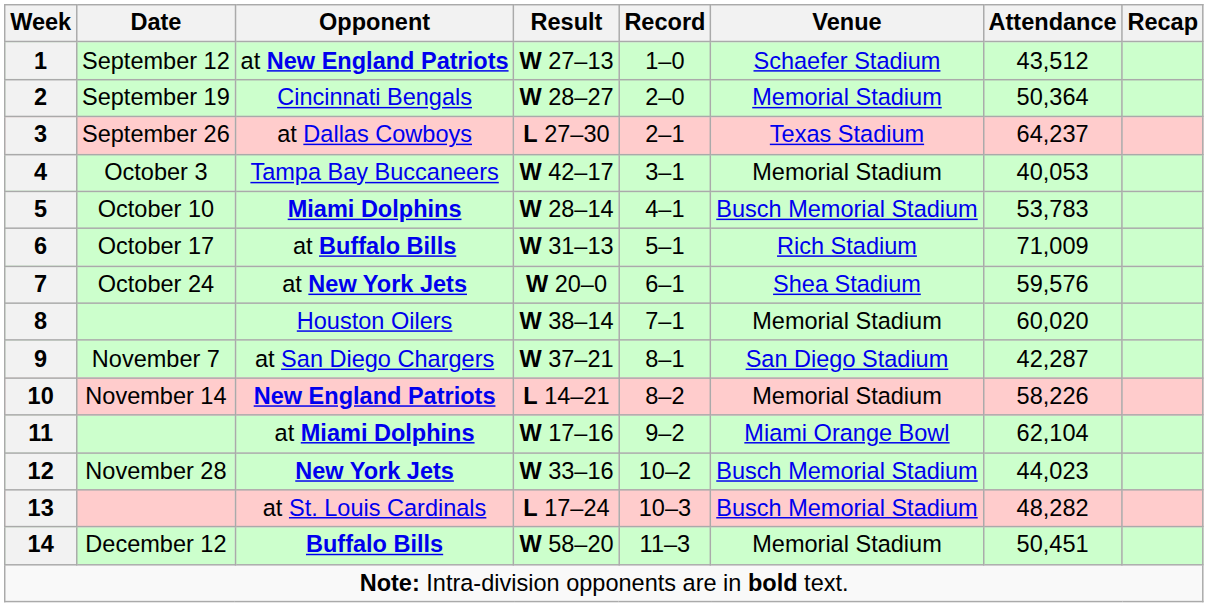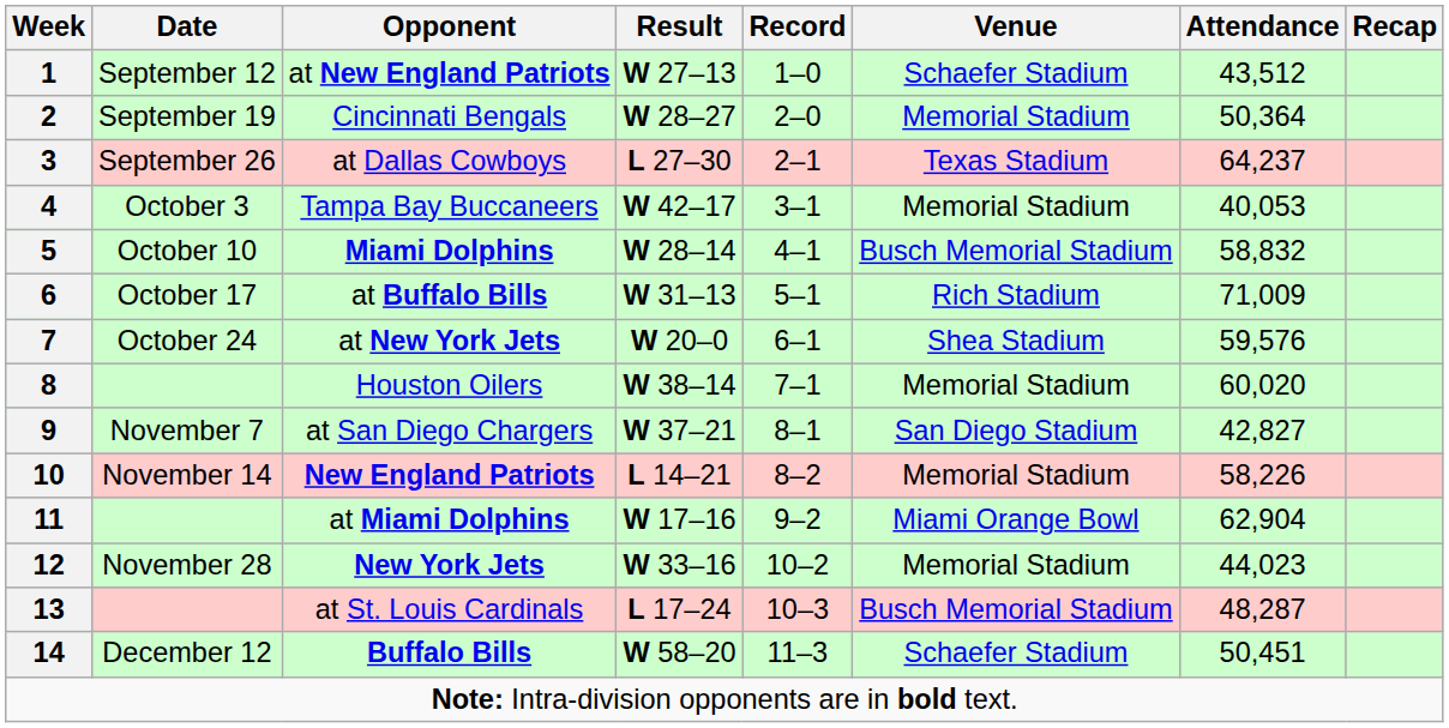 <table class="wikitable" style="text-align:center">
 <tr>
 <th>Week</th>
 <th>Date</th>
 <th>Opponent</th>
 <th>Result</th>
 <th>Record</th>
 <th>Venue</th>
 <th>Attendance</th>
 <th>Recap</th>
 </tr>
 <tr style="background:#cfc">
 <th>1</th>
 <td>September 12</td>
 <td>at <strong><a href='#'>New England Patriots</a></strong></td>
 <td><strong>W</strong> 27–13</td>
 <td>1–0</td>
 <td><a href='#'>Schaefer Stadium</a></td>
 <td>43,512</td>
 <td></td>
 </tr>
 <tr style="background:#cfc">
 <th>2</th>
 <td>September 19</td>
 <td><a href='#'>Cincinnati Bengals</a></td>
 <td><strong>W</strong> 28–27</td>
 <td>2–0</td>
 <td><a href='#'>Memorial Stadium</a></td>
 <td>50,364</td>
 <td></td>
 </tr>
 <tr style="background:#fcc">
 <th>3</th>
 <td>September 26</td>
 <td>at <a href='#'>Dallas Cowboys</a></td>
 <td><strong>L</strong> 27–30</td>
 <td>2–1</td>
 <td><a href='#'>Texas Stadium</a></td>
 <td>64,237</td>
 <td></td>
 </tr>
 <tr style="background:#cfc">
 <th>4</th>
 <td>October 3</td>
 <td><a href='#'>Tampa Bay Buccaneers</a></td>
 <td><strong>W</strong> 42–17</td>
 <td>3–1</td>
 <td>Memorial Stadium</td>
 <td>40,053</td>
 <td></td>
 </tr>
 <tr style="background:#cfc">
 <th>5</th>
 <td>October 10</td>
 <td><strong><a href='#'>Miami Dolphins</a></strong></td>
 <td><strong>W</strong> 28–14</td>
 <td>4–1</td>
 <td><a href='#'>Busch Memorial Stadium</a></td>
-<td>53,783</td>
+<td>58,832</td>
 <td></td>
 </tr>
 <tr style="background:#cfc">
 <th>6</th>
 <td>October 17</td>
 <td>at <strong><a href='#'>Buffalo Bills</a></strong></td>
 <td><strong>W</strong> 31–13</td>
 <td>5–1</td>
 <td><a href='#'>Rich Stadium</a></td>
 <td>71,009</td>
 <td></td>
 </tr>
 <tr style="background:#cfc">
 <th>7</th>
 <td>October 24</td>
 <td>at <strong><a href='#'>New York Jets</a></strong></td>
 <td><strong>W</strong> 20–0</td>
 <td>6–1</td>
 <td><a href='#'>Shea Stadium</a></td>
 <td>59,576</td>
 <td></td>
 </tr>
 <tr style="background:#cfc">
 <th>8</th>
 <td></td>
 <td><a href='#'>Houston Oilers</a></td>
 <td><strong>W</strong> 38–14</td>
 <td>7–1</td>
 <td>Memorial Stadium</td>
 <td>60,020</td>
 <td></td>
 </tr>
 <tr style="background:#cfc">
 <th>9</th>
 <td>November 7</td>
 <td>at <a href='#'>San Diego Chargers</a></td>
 <td><strong>W</strong> 37–21</td>
 <td>8–1</td>
 <td><a href='#'>San Diego Stadium</a></td>
-<td>42,287</td>
+<td>42,827</td>
 <td></td>
 </tr>
 <tr style="background:#fcc">
 <th>10</th>
 <td>November 14</td>
 <td><strong><a href='#'>New England Patriots</a></strong></td>
 <td><strong>L</strong> 14–21</td>
 <td>8–2</td>
 <td>Memorial Stadium</td>
 <td>58,226</td>
 <td></td>
 </tr>
 <tr style="background:#cfc">
 <th>11</th>
 <td></td>
 <td>at <strong><a href='#'>Miami Dolphins</a></strong></td>
 <td><strong>W</strong> 17–16</td>
 <td>9–2</td>
 <td><a href='#'>Miami Orange Bowl</a></td>
-<td>62,104</td>
+<td>62,904</td>
 <td></td>
 </tr>
 <tr style="background:#cfc">
 <th>12</th>
 <td>November 28</td>
 <td><strong><a href='#'>New York Jets</a></strong></td>
 <td><strong>W</strong> 33–16</td>
 <td>10–2</td>
-<td><a href='#'>Busch Memorial Stadium</a></td>
+<td>Memorial Stadium</td>
 <td>44,023</td>
 <td></td>
 </tr>
 <tr style="background:#fcc">
 <th>13</th>
 <td></td>
 <td>at <a href='#'>St. Louis Cardinals</a></td>
 <td><strong>L</strong> 17–24</td>
 <td>10–3</td>
 <td><a href='#'>Busch Memorial Stadium</a></td>
-<td>48,282</td>
+<td>48,287</td>
 <td></td>
 </tr>
 <tr style="background:#cfc">
 <th>14</th>
 <td>December 12</td>
 <td><strong><a href='#'>Buffalo Bills</a></strong></td>
 <td><strong>W</strong> 58–20</td>
 <td>11–3</td>
-<td>Memorial Stadium</td>
+<td><a href='#'>Schaefer Stadium</a></td>
 <td>50,451</td>
 <td></td>
 </tr>
 <tr>
 <td colspan="8"><strong>Note:</strong> Intra-division opponents are in <strong>bold</strong> text.</td>
 </tr>
 </table>
